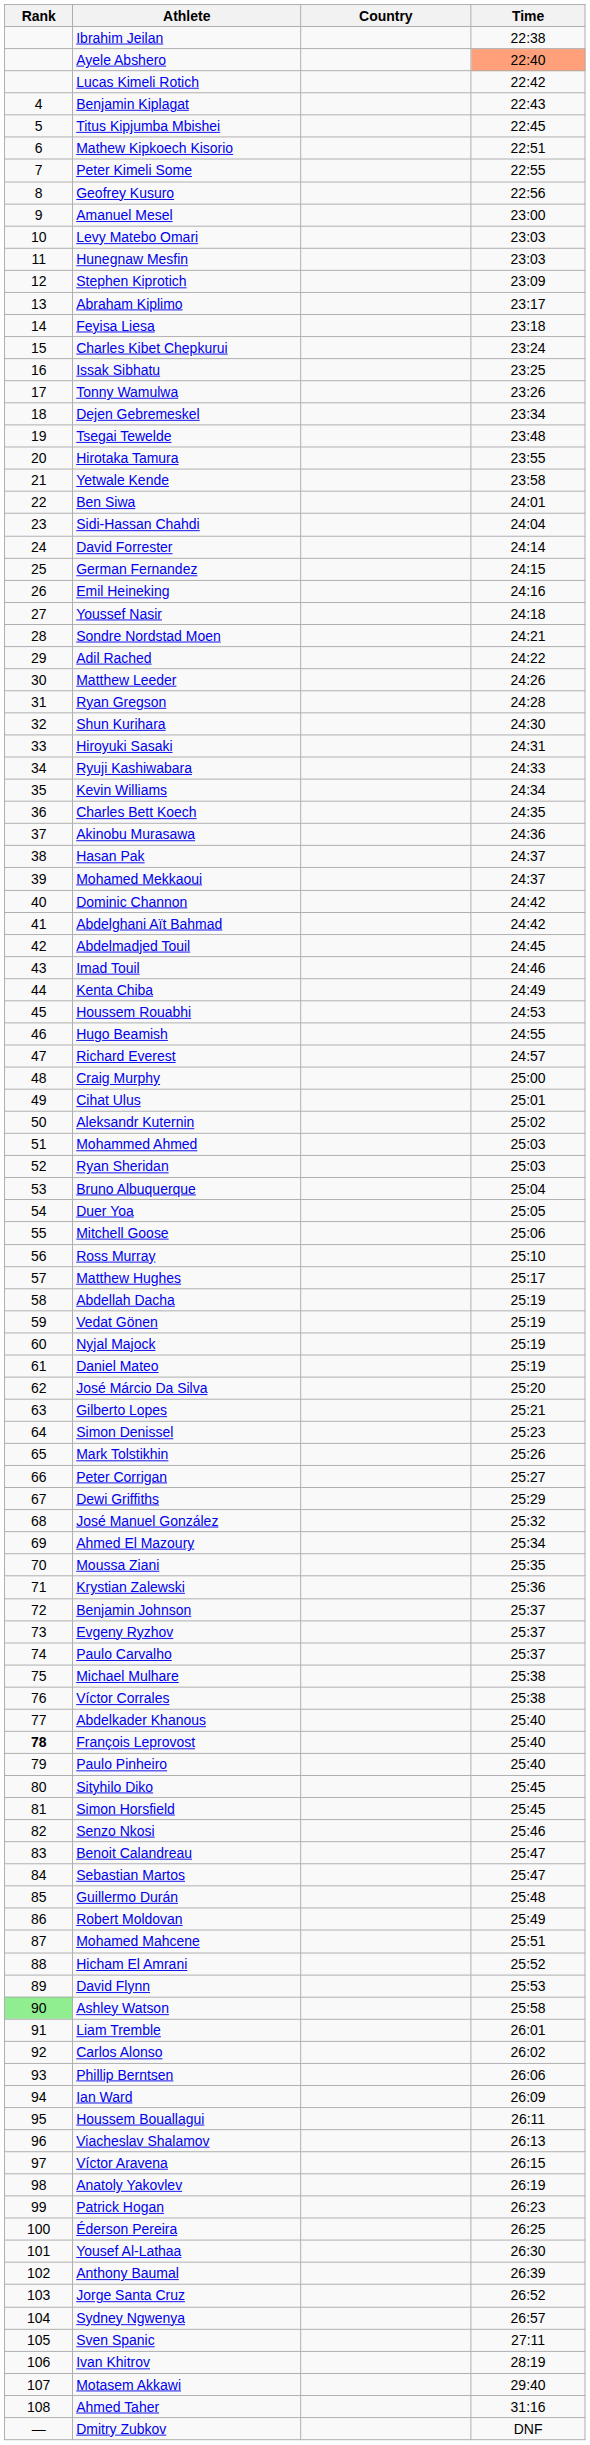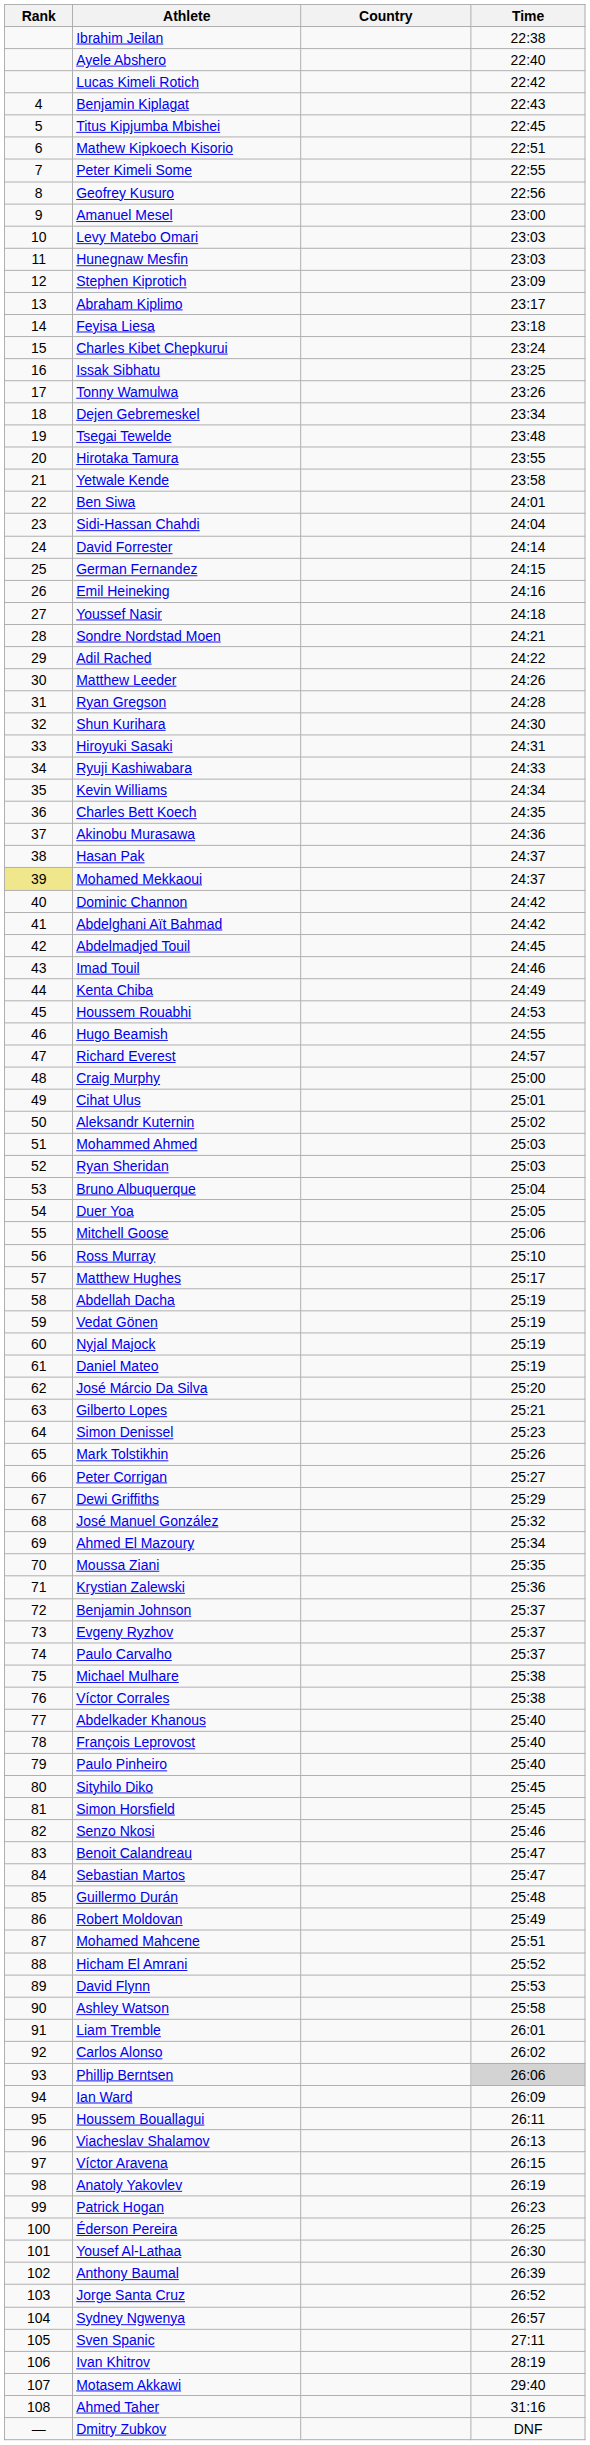 <table class="wikitable sortable" style=" text-align:center; font-size:95%;" width="50%">
 <tr>
 <th width=5%>Rank</th>
 <th width=20%>Athlete</th>
 <th width=15%>Country</th>
 <th width=10%>Time</th>
 </tr>
 <tr>
 <td align=center></td>
 <td align=left><a href='#'>Ibrahim Jeilan</a></td>
 <td align=left></td>
 <td>22:38</td>
 </tr>
 <tr>
 <td align=center></td>
 <td align=left><a href='#'>Ayele Abshero</a></td>
 <td align=left></td>
-<td style="background: lightsalmon;">22:40</td>
+<td>22:40</td>
 </tr>
 <tr>
 <td align=center></td>
 <td align=left><a href='#'>Lucas Kimeli Rotich</a></td>
 <td align=left></td>
 <td>22:42</td>
 </tr>
 <tr>
 <td align=center>4</td>
 <td align=left><a href='#'>Benjamin Kiplagat</a></td>
 <td align=left></td>
 <td>22:43</td>
 </tr>
 <tr>
 <td align=center>5</td>
 <td align=left><a href='#'>Titus Kipjumba Mbishei</a></td>
 <td align=left></td>
 <td>22:45</td>
 </tr>
 <tr>
 <td align=center>6</td>
 <td align=left><a href='#'>Mathew Kipkoech Kisorio</a></td>
 <td align=left></td>
 <td>22:51</td>
 </tr>
 <tr>
 <td align=center>7</td>
 <td align=left><a href='#'>Peter Kimeli Some</a></td>
 <td align=left></td>
 <td>22:55</td>
 </tr>
 <tr>
 <td align=center>8</td>
 <td align=left><a href='#'>Geofrey Kusuro</a></td>
 <td align=left></td>
 <td>22:56</td>
 </tr>
 <tr>
 <td align=center>9</td>
 <td align=left><a href='#'>Amanuel Mesel</a></td>
 <td align=left></td>
 <td>23:00</td>
 </tr>
 <tr>
 <td align=center>10</td>
 <td align=left><a href='#'>Levy Matebo Omari</a></td>
 <td align=left></td>
 <td>23:03</td>
 </tr>
 <tr>
 <td align=center>11</td>
 <td align=left><a href='#'>Hunegnaw Mesfin</a></td>
 <td align=left></td>
 <td>23:03</td>
 </tr>
 <tr>
 <td align=center>12</td>
 <td align=left><a href='#'>Stephen Kiprotich</a></td>
 <td align=left></td>
 <td>23:09</td>
 </tr>
 <tr>
 <td align=center>13</td>
 <td align=left><a href='#'>Abraham Kiplimo</a></td>
 <td align=left></td>
 <td>23:17</td>
 </tr>
 <tr>
 <td align=center>14</td>
 <td align=left><a href='#'>Feyisa Liesa</a></td>
 <td align=left></td>
 <td>23:18</td>
 </tr>
 <tr>
 <td align=center>15</td>
 <td align=left><a href='#'>Charles Kibet Chepkurui</a></td>
 <td align=left></td>
 <td>23:24</td>
 </tr>
 <tr>
 <td align=center>16</td>
 <td align=left><a href='#'>Issak Sibhatu</a></td>
 <td align=left></td>
 <td>23:25</td>
 </tr>
 <tr>
 <td align=center>17</td>
 <td align=left><a href='#'>Tonny Wamulwa</a></td>
 <td align=left></td>
 <td>23:26</td>
 </tr>
 <tr>
 <td align=center>18</td>
 <td align=left><a href='#'>Dejen Gebremeskel</a></td>
 <td align=left></td>
 <td>23:34</td>
 </tr>
 <tr>
 <td align=center>19</td>
 <td align=left><a href='#'>Tsegai Tewelde</a></td>
 <td align=left></td>
 <td>23:48</td>
 </tr>
 <tr>
 <td align=center>20</td>
 <td align=left><a href='#'>Hirotaka Tamura</a></td>
 <td align=left></td>
 <td>23:55</td>
 </tr>
 <tr>
 <td align=center>21</td>
 <td align=left><a href='#'>Yetwale Kende</a></td>
 <td align=left></td>
 <td>23:58</td>
 </tr>
 <tr>
 <td align=center>22</td>
 <td align=left><a href='#'>Ben Siwa</a></td>
 <td align=left></td>
 <td>24:01</td>
 </tr>
 <tr>
 <td align=center>23</td>
 <td align=left><a href='#'>Sidi-Hassan Chahdi</a></td>
 <td align=left></td>
 <td>24:04</td>
 </tr>
 <tr>
 <td align=center>24</td>
 <td align=left><a href='#'>David Forrester</a></td>
 <td align=left></td>
 <td>24:14</td>
 </tr>
 <tr>
 <td align=center>25</td>
 <td align=left><a href='#'>German Fernandez</a></td>
 <td align=left></td>
 <td>24:15</td>
 </tr>
 <tr>
 <td align=center>26</td>
 <td align=left><a href='#'>Emil Heineking</a></td>
 <td align=left></td>
 <td>24:16</td>
 </tr>
 <tr>
 <td align=center>27</td>
 <td align=left><a href='#'>Youssef Nasir</a></td>
 <td align=left></td>
 <td>24:18</td>
 </tr>
 <tr>
 <td align=center>28</td>
 <td align=left><a href='#'>Sondre Nordstad Moen</a></td>
 <td align=left></td>
 <td>24:21</td>
 </tr>
 <tr>
 <td align=center>29</td>
 <td align=left><a href='#'>Adil Rached</a></td>
 <td align=left></td>
 <td>24:22</td>
 </tr>
 <tr>
 <td align=center>30</td>
 <td align=left><a href='#'>Matthew Leeder</a></td>
 <td align=left></td>
 <td>24:26</td>
 </tr>
 <tr>
 <td align=center>31</td>
 <td align=left><a href='#'>Ryan Gregson</a></td>
 <td align=left></td>
 <td>24:28</td>
 </tr>
 <tr>
 <td align=center>32</td>
 <td align=left><a href='#'>Shun Kurihara</a></td>
 <td align=left></td>
 <td>24:30</td>
 </tr>
 <tr>
 <td align=center>33</td>
 <td align=left><a href='#'>Hiroyuki Sasaki</a></td>
 <td align=left></td>
 <td>24:31</td>
 </tr>
 <tr>
 <td align=center>34</td>
 <td align=left><a href='#'>Ryuji Kashiwabara</a></td>
 <td align=left></td>
 <td>24:33</td>
 </tr>
 <tr>
 <td align=center>35</td>
 <td align=left><a href='#'>Kevin Williams</a></td>
 <td align=left></td>
 <td>24:34</td>
 </tr>
 <tr>
 <td align=center>36</td>
 <td align=left><a href='#'>Charles Bett Koech</a></td>
 <td align=left></td>
 <td>24:35</td>
 </tr>
 <tr>
 <td align=center>37</td>
 <td align=left><a href='#'>Akinobu Murasawa</a></td>
 <td align=left></td>
 <td>24:36</td>
 </tr>
 <tr>
 <td align=center>38</td>
 <td align=left><a href='#'>Hasan Pak</a></td>
 <td align=left></td>
 <td>24:37</td>
 </tr>
 <tr>
-<td align=center>39</td>
+<td align=center style="background: khaki;">39</td>
 <td align=left><a href='#'>Mohamed Mekkaoui</a></td>
 <td align=left></td>
 <td>24:37</td>
 </tr>
 <tr>
 <td align=center>40</td>
 <td align=left><a href='#'>Dominic Channon</a></td>
 <td align=left></td>
 <td>24:42</td>
 </tr>
 <tr>
 <td align=center>41</td>
 <td align=left><a href='#'>Abdelghani Aït Bahmad</a></td>
 <td align=left></td>
 <td>24:42</td>
 </tr>
 <tr>
 <td align=center>42</td>
 <td align=left><a href='#'>Abdelmadjed Touil</a></td>
 <td align=left></td>
 <td>24:45</td>
 </tr>
 <tr>
 <td align=center>43</td>
 <td align=left><a href='#'>Imad Touil</a></td>
 <td align=left></td>
 <td>24:46</td>
 </tr>
 <tr>
 <td align=center>44</td>
 <td align=left><a href='#'>Kenta Chiba</a></td>
 <td align=left></td>
 <td>24:49</td>
 </tr>
 <tr>
 <td align=center>45</td>
 <td align=left><a href='#'>Houssem Rouabhi</a></td>
 <td align=left></td>
 <td>24:53</td>
 </tr>
 <tr>
 <td align=center>46</td>
 <td align=left><a href='#'>Hugo Beamish</a></td>
 <td align=left></td>
 <td>24:55</td>
 </tr>
 <tr>
 <td align=center>47</td>
 <td align=left><a href='#'>Richard Everest</a></td>
 <td align=left></td>
 <td>24:57</td>
 </tr>
 <tr>
 <td align=center>48</td>
 <td align=left><a href='#'>Craig Murphy</a></td>
 <td align=left></td>
 <td>25:00</td>
 </tr>
 <tr>
 <td align=center>49</td>
 <td align=left><a href='#'>Cihat Ulus</a></td>
 <td align=left></td>
 <td>25:01</td>
 </tr>
 <tr>
 <td align=center>50</td>
 <td align=left><a href='#'>Aleksandr Kuternin</a></td>
 <td align=left></td>
 <td>25:02</td>
 </tr>
 <tr>
 <td align=center>51</td>
 <td align=left><a href='#'>Mohammed Ahmed</a></td>
 <td align=left></td>
 <td>25:03</td>
 </tr>
 <tr>
 <td align=center>52</td>
 <td align=left><a href='#'>Ryan Sheridan</a></td>
 <td align=left></td>
 <td>25:03</td>
 </tr>
 <tr>
 <td align=center>53</td>
 <td align=left><a href='#'>Bruno Albuquerque</a></td>
 <td align=left></td>
 <td>25:04</td>
 </tr>
 <tr>
 <td align=center>54</td>
 <td align=left><a href='#'>Duer Yoa</a></td>
 <td align=left></td>
 <td>25:05</td>
 </tr>
 <tr>
 <td align=center>55</td>
 <td align=left><a href='#'>Mitchell Goose</a></td>
 <td align=left></td>
 <td>25:06</td>
 </tr>
 <tr>
 <td align=center>56</td>
 <td align=left><a href='#'>Ross Murray</a></td>
 <td align=left></td>
 <td>25:10</td>
 </tr>
 <tr>
 <td align=center>57</td>
 <td align=left><a href='#'>Matthew Hughes</a></td>
 <td align=left></td>
 <td>25:17</td>
 </tr>
 <tr>
 <td align=center>58</td>
 <td align=left><a href='#'>Abdellah Dacha</a></td>
 <td align=left></td>
 <td>25:19</td>
 </tr>
 <tr>
 <td align=center>59</td>
 <td align=left><a href='#'>Vedat Gönen</a></td>
 <td align=left></td>
 <td>25:19</td>
 </tr>
 <tr>
 <td align=center>60</td>
 <td align=left><a href='#'>Nyjal Majock</a></td>
 <td align=left></td>
 <td>25:19</td>
 </tr>
 <tr>
 <td align=center>61</td>
 <td align=left><a href='#'>Daniel Mateo</a></td>
 <td align=left></td>
 <td>25:19</td>
 </tr>
 <tr>
 <td align=center>62</td>
 <td align=left><a href='#'>José Márcio Da Silva</a></td>
 <td align=left></td>
 <td>25:20</td>
 </tr>
 <tr>
 <td align=center>63</td>
 <td align=left><a href='#'>Gilberto Lopes</a></td>
 <td align=left></td>
 <td>25:21</td>
 </tr>
 <tr>
 <td align=center>64</td>
 <td align=left><a href='#'>Simon Denissel</a></td>
 <td align=left></td>
 <td>25:23</td>
 </tr>
 <tr>
 <td align=center>65</td>
 <td align=left><a href='#'>Mark Tolstikhin</a></td>
 <td align=left></td>
 <td>25:26</td>
 </tr>
 <tr>
 <td align=center>66</td>
 <td align=left><a href='#'>Peter Corrigan</a></td>
 <td align=left></td>
 <td>25:27</td>
 </tr>
 <tr>
 <td align=center>67</td>
 <td align=left><a href='#'>Dewi Griffiths</a></td>
 <td align=left></td>
 <td>25:29</td>
 </tr>
 <tr>
 <td align=center>68</td>
 <td align=left><a href='#'>José Manuel González</a></td>
 <td align=left></td>
 <td>25:32</td>
 </tr>
 <tr>
 <td align=center>69</td>
 <td align=left><a href='#'>Ahmed El Mazoury</a></td>
 <td align=left></td>
 <td>25:34</td>
 </tr>
 <tr>
 <td align=center>70</td>
 <td align=left><a href='#'>Moussa Ziani</a></td>
 <td align=left></td>
 <td>25:35</td>
 </tr>
 <tr>
 <td align=center>71</td>
 <td align=left><a href='#'>Krystian Zalewski</a></td>
 <td align=left></td>
 <td>25:36</td>
 </tr>
 <tr>
 <td align=center>72</td>
 <td align=left><a href='#'>Benjamin Johnson</a></td>
 <td align=left></td>
 <td>25:37</td>
 </tr>
 <tr>
 <td align=center>73</td>
 <td align=left><a href='#'>Evgeny Ryzhov</a></td>
 <td align=left></td>
 <td>25:37</td>
 </tr>
 <tr>
 <td align=center>74</td>
 <td align=left><a href='#'>Paulo Carvalho</a></td>
 <td align=left></td>
 <td>25:37</td>
 </tr>
 <tr>
 <td align=center>75</td>
 <td align=left><a href='#'>Michael Mulhare</a></td>
 <td align=left></td>
 <td>25:38</td>
 </tr>
 <tr>
 <td align=center>76</td>
 <td align=left><a href='#'>Víctor Corrales</a></td>
 <td align=left></td>
 <td>25:38</td>
 </tr>
 <tr>
 <td align=center>77</td>
 <td align=left><a href='#'>Abdelkader Khanous</a></td>
 <td align=left></td>
 <td>25:40</td>
 </tr>
 <tr>
-<td align=center><strong>78</strong></td>
+<td align=center>78</td>
 <td align=left><a href='#'>François Leprovost</a></td>
 <td align=left></td>
 <td>25:40</td>
 </tr>
 <tr>
 <td align=center>79</td>
 <td align=left><a href='#'>Paulo Pinheiro</a></td>
 <td align=left></td>
 <td>25:40</td>
 </tr>
 <tr>
 <td align=center>80</td>
 <td align=left><a href='#'>Sityhilo Diko</a></td>
 <td align=left></td>
 <td>25:45</td>
 </tr>
 <tr>
 <td align=center>81</td>
 <td align=left><a href='#'>Simon Horsfield</a></td>
 <td align=left></td>
 <td>25:45</td>
 </tr>
 <tr>
 <td align=center>82</td>
 <td align=left><a href='#'>Senzo Nkosi</a></td>
 <td align=left></td>
 <td>25:46</td>
 </tr>
 <tr>
 <td align=center>83</td>
 <td align=left><a href='#'>Benoit Calandreau</a></td>
 <td align=left></td>
 <td>25:47</td>
 </tr>
 <tr>
 <td align=center>84</td>
 <td align=left><a href='#'>Sebastian Martos</a></td>
 <td align=left></td>
 <td>25:47</td>
 </tr>
 <tr>
 <td align=center>85</td>
 <td align=left><a href='#'>Guillermo Durán</a></td>
 <td align=left></td>
 <td>25:48</td>
 </tr>
 <tr>
 <td align=center>86</td>
 <td align=left><a href='#'>Robert Moldovan</a></td>
 <td align=left></td>
 <td>25:49</td>
 </tr>
 <tr>
 <td align=center>87</td>
 <td align=left><a href='#'>Mohamed Mahcene</a></td>
 <td align=left></td>
 <td>25:51</td>
 </tr>
 <tr>
 <td align=center>88</td>
 <td align=left><a href='#'>Hicham El Amrani</a></td>
 <td align=left></td>
 <td>25:52</td>
 </tr>
 <tr>
 <td align=center>89</td>
 <td align=left><a href='#'>David Flynn</a></td>
 <td align=left></td>
 <td>25:53</td>
 </tr>
 <tr>
-<td align=center style="background: lightgreen;">90</td>
+<td align=center>90</td>
 <td align=left><a href='#'>Ashley Watson</a></td>
 <td align=left></td>
 <td>25:58</td>
 </tr>
 <tr>
 <td align=center>91</td>
 <td align=left><a href='#'>Liam Tremble</a></td>
 <td align=left></td>
 <td>26:01</td>
 </tr>
 <tr>
 <td align=center>92</td>
 <td align=left><a href='#'>Carlos Alonso</a></td>
 <td align=left></td>
 <td>26:02</td>
 </tr>
 <tr>
 <td align=center>93</td>
 <td align=left><a href='#'>Phillip Berntsen</a></td>
 <td align=left></td>
-<td>26:06</td>
+<td style="background: lightgrey;">26:06</td>
 </tr>
 <tr>
 <td align=center>94</td>
 <td align=left><a href='#'>Ian Ward</a></td>
 <td align=left></td>
 <td>26:09</td>
 </tr>
 <tr>
 <td align=center>95</td>
 <td align=left><a href='#'>Houssem Bouallagui</a></td>
 <td align=left></td>
 <td>26:11</td>
 </tr>
 <tr>
 <td align=center>96</td>
 <td align=left><a href='#'>Viacheslav Shalamov</a></td>
 <td align=left></td>
 <td>26:13</td>
 </tr>
 <tr>
 <td align=center>97</td>
 <td align=left><a href='#'>Víctor Aravena</a></td>
 <td align=left></td>
 <td>26:15</td>
 </tr>
 <tr>
 <td align=center>98</td>
 <td align=left><a href='#'>Anatoly Yakovlev</a></td>
 <td align=left></td>
 <td>26:19</td>
 </tr>
 <tr>
 <td align=center>99</td>
 <td align=left><a href='#'>Patrick Hogan</a></td>
 <td align=left></td>
 <td>26:23</td>
 </tr>
 <tr>
 <td align=center>100</td>
 <td align=left><a href='#'>Éderson Pereira</a></td>
 <td align=left></td>
 <td>26:25</td>
 </tr>
 <tr>
 <td align=center>101</td>
 <td align=left><a href='#'>Yousef Al-Lathaa</a></td>
 <td align=left></td>
 <td>26:30</td>
 </tr>
 <tr>
 <td align=center>102</td>
 <td align=left><a href='#'>Anthony Baumal</a></td>
 <td align=left></td>
 <td>26:39</td>
 </tr>
 <tr>
 <td align=center>103</td>
 <td align=left><a href='#'>Jorge Santa Cruz</a></td>
 <td align=left></td>
 <td>26:52</td>
 </tr>
 <tr>
 <td align=center>104</td>
 <td align=left><a href='#'>Sydney Ngwenya</a></td>
 <td align=left></td>
 <td>26:57</td>
 </tr>
 <tr>
 <td align=center>105</td>
 <td align=left><a href='#'>Sven Spanic</a></td>
 <td align=left></td>
 <td>27:11</td>
 </tr>
 <tr>
 <td align=center>106</td>
 <td align=left><a href='#'>Ivan Khitrov</a></td>
 <td align=left></td>
 <td>28:19</td>
 </tr>
 <tr>
 <td align=center>107</td>
 <td align=left><a href='#'>Motasem Akkawi</a></td>
 <td align=left></td>
 <td>29:40</td>
 </tr>
 <tr>
 <td align=center>108</td>
 <td align=left><a href='#'>Ahmed Taher</a></td>
 <td align=left></td>
 <td>31:16</td>
 </tr>
 <tr>
 <td align=center>—</td>
 <td align=left><a href='#'>Dmitry Zubkov</a></td>
 <td align=left></td>
 <td>DNF</td>
 </tr>
 </table>
